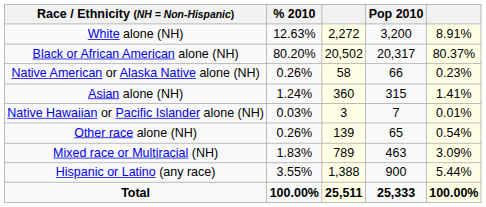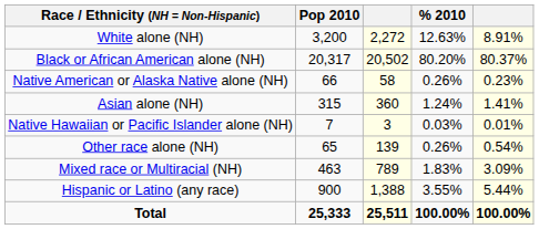 <table class="wikitable" style="text-align:center;">
 <tr>
 <th>Race / Ethnicity <small>(<em>NH = Non-Hispanic</em>)</small></th>
+<th>Pop 2010</th>
+<th></th>
 <th>% 2010</th>
-<th></th>
-<th>Pop 2010</th>
 <th></th>
 </tr>
 <tr>
 <td><a href='#'>White</a> alone (NH)</td>
+<td>3,200</td>
+<td style='background: #ffffe6;'>2,272</td>
 <td>12.63%</td>
-<td style='background: #ffffe6;'>2,272</td>
-<td>3,200</td>
 <td style='background: #ffffe6;'>8.91%</td>
 </tr>
 <tr>
 <td><a href='#'>Black or African American</a> alone (NH)</td>
+<td>20,317</td>
+<td style='background: #ffffe6;'>20,502</td>
 <td>80.20%</td>
-<td style='background: #ffffe6;'>20,502</td>
-<td>20,317</td>
 <td style='background: #ffffe6;'>80.37%</td>
 </tr>
 <tr>
 <td><a href='#'>Native American</a> or <a href='#'>Alaska Native</a> alone (NH)</td>
+<td>66</td>
+<td style='background: #ffffe6;'>58</td>
 <td>0.26%</td>
-<td style='background: #ffffe6;'>58</td>
-<td>66</td>
 <td style='background: #ffffe6;'>0.23%</td>
 </tr>
 <tr>
 <td><a href='#'>Asian</a> alone (NH)</td>
+<td>315</td>
+<td style='background: #ffffe6;'>360</td>
 <td>1.24%</td>
-<td style='background: #ffffe6;'>360</td>
-<td>315</td>
 <td style='background: #ffffe6;'>1.41%</td>
 </tr>
 <tr>
 <td><a href='#'>Native Hawaiian</a> or <a href='#'>Pacific Islander</a> alone (NH)</td>
+<td>7</td>
+<td style='background: #ffffe6;'>3</td>
 <td>0.03%</td>
-<td style='background: #ffffe6;'>3</td>
-<td>7</td>
 <td style='background: #ffffe6;'>0.01%</td>
 </tr>
 <tr>
 <td><a href='#'>Other race</a> alone (NH)</td>
+<td>65</td>
+<td style='background: #ffffe6;'>139</td>
 <td>0.26%</td>
-<td style='background: #ffffe6;'>139</td>
-<td>65</td>
 <td style='background: #ffffe6;'>0.54%</td>
 </tr>
 <tr>
 <td><a href='#'>Mixed race or Multiracial</a> (NH)</td>
+<td>463</td>
+<td style='background: #ffffe6;'>789</td>
 <td>1.83%</td>
-<td style='background: #ffffe6;'>789</td>
-<td>463</td>
 <td style='background: #ffffe6;'>3.09%</td>
 </tr>
 <tr>
 <td><a href='#'>Hispanic or Latino</a> (any race)</td>
+<td>900</td>
+<td style='background: #ffffe6;'>1,388</td>
 <td>3.55%</td>
-<td style='background: #ffffe6;'>1,388</td>
-<td>900</td>
 <td style='background: #ffffe6;'>5.44%</td>
 </tr>
 <tr>
 <td><strong>Total</strong></td>
+<td><strong>25,333</strong></td>
+<td style='background: #ffffe6;'><strong>25,511</strong></td>
 <td><strong>100.00%</strong></td>
-<td style='background: #ffffe6;'><strong>25,511</strong></td>
-<td><strong>25,333</strong></td>
 <td style='background: #ffffe6;'><strong>100.00%</strong></td>
 </tr>
 </table>
